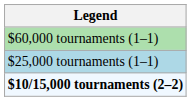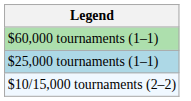 <table class="wikitable" style="font-size:85%">
 <tr>
 <th>Legend</th>
 </tr>
 <tr style="background:#addfad;">
 <td>$60,000 tournaments (1–1)</td>
 </tr>
 <tr style="background:lightblue;">
 <td>$25,000 tournaments (1–1)</td>
 </tr>
 <tr style="background:#f0f8ff;">
-<td><strong>$10/15,000 tournaments (2–2)</strong></td>
+<td>$10/15,000 tournaments (2–2)</td>
 </tr>
 </table>
